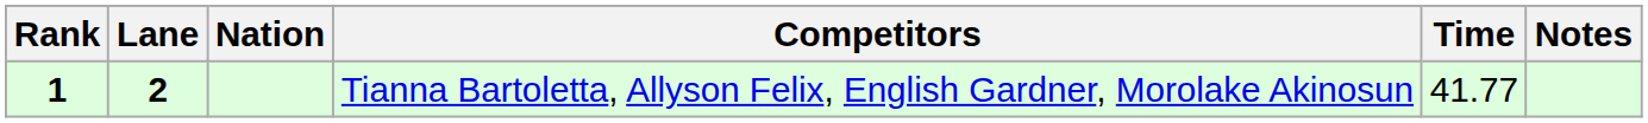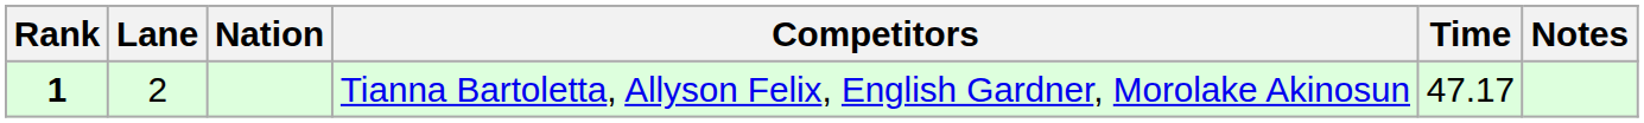 <table class="wikitable sortable" style="text-align:center; font-size:95%;">
 <tr>
 <th>Rank</th>
 <th>Lane</th>
 <th>Nation</th>
 <th class=unsortable>Competitors</th>
 <th>Time</th>
 <th class=unsortable>Notes</th>
 </tr>
 <tr style="background:#dfd;">
 <td><strong>1</strong></td>
-<td><strong>2</strong></td>
+<td>2</td>
 <td align=left></td>
 <td align=left><a href='#'>Tianna Bartoletta</a>, <a href='#'>Allyson Felix</a>, <a href='#'>English Gardner</a>, <a href='#'>Morolake Akinosun</a></td>
-<td>41.77</td>
+<td>47.17</td>
 <td></td>
 </tr>
 </table>
